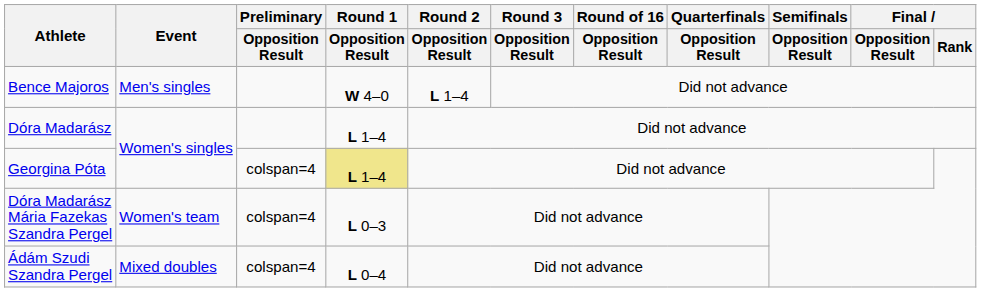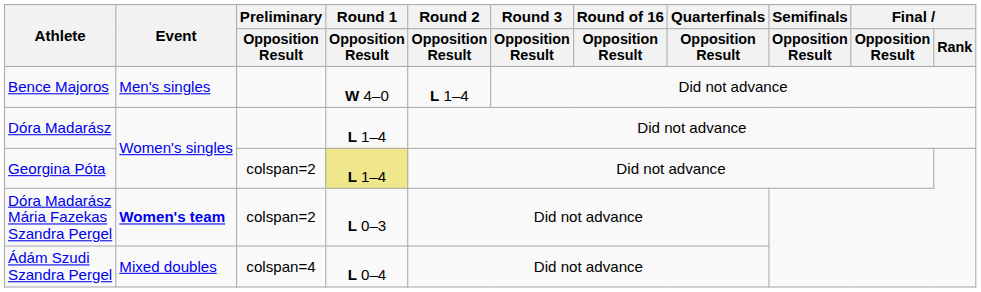 <table class="wikitable" style="font-size:90%;">
 <tr>
 <th rowspan=2>Athlete</th>
 <th rowspan=2>Event</th>
 <th>Preliminary</th>
 <th>Round 1</th>
 <th>Round 2</th>
 <th>Round 3</th>
 <th>Round of 16</th>
 <th>Quarterfinals</th>
 <th>Semifinals</th>
 <th colspan=2>Final / </th>
 </tr>
 <tr style="font-size:95%">
 <th>Opposition<br>Result</th>
 <th>Opposition<br>Result</th>
 <th>Opposition<br>Result</th>
 <th>Opposition<br>Result</th>
 <th>Opposition<br>Result</th>
 <th>Opposition<br>Result</th>
 <th>Opposition<br>Result</th>
 <th>Opposition<br>Result</th>
 <th>Rank</th>
 </tr>
 <tr align=center>
 <td align=left><a href='#'>Bence Majoros</a></td>
 <td align=left><a href='#'>Men's singles</a></td>
 <td></td>
 <td><br><strong>W</strong> 4–0</td>
 <td><br><strong>L</strong> 1–4</td>
 <td colspan=6>Did not advance</td>
 </tr>
 <tr align=center>
 <td align=left><a href='#'>Dóra Madarász</a></td>
 <td align=left rowspan=2><a href='#'>Women's singles</a></td>
 <td></td>
 <td><br><strong>L</strong> 1–4</td>
 <td colspan=7>Did not advance</td>
 </tr>
 <tr align=center>
 <td align=left><a href='#'>Georgina Póta</a></td>
-<td>colspan=4 </td>
+<td>colspan=2 </td>
 <td style="background: khaki;"><br><strong>L</strong> 1–4</td>
 <td colspan=6>Did not advance</td>
 </tr>
 <tr align=center>
 <td align=left><a href='#'>Dóra Madarász</a><br><a href='#'>Mária Fazekas</a><br><a href='#'>Szandra Pergel</a></td>
-<td align=left><a href='#'>Women's team</a></td>
-<td>colspan=4 </td>
+<td align=left><strong><a href='#'>Women's team</a></strong></td>
+<td>colspan=2 </td>
 <td><br><strong>L</strong> 0–3</td>
 <td colspan=4>Did not advance</td>
 </tr>
 <tr align=center>
 <td align=left><a href='#'>Ádám Szudi</a><br><a href='#'>Szandra Pergel</a></td>
 <td align=left><a href='#'>Mixed doubles</a></td>
 <td>colspan=4 </td>
 <td><br><strong>L</strong> 0–4</td>
 <td colspan=4>Did not advance</td>
 </tr>
 </table>
